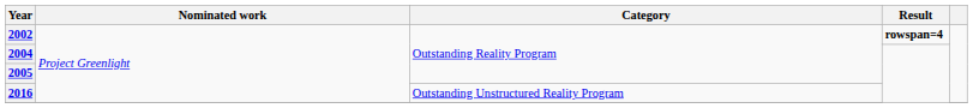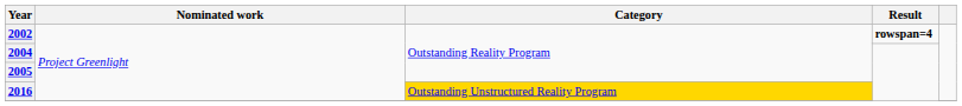 <table class=wikitable>
 <tr>
 <th scope="col" style="width:1em;">Year</th>
 <th scope="col" style="width:30em;">Nominated work</th>
 <th scope="col" style="width:38em;">Category</th>
 <th scope="col" style="width:5em;">Result</th>
 <th scope="col" style="width:1em;"></th>
 </tr>
 <tr>
 <th scope="row"><a href='#'>2002</a></th>
 <td rowspan=4><em><a href='#'>Project Greenlight</a></em></td>
 <td rowspan=3><a href='#'>Outstanding Reality Program</a></td>
 <td><strong>rowspan=4 </strong></td>
 <td rowspan=4 style="text-align:center;"></td>
 </tr>
 <tr>
 <th scope="row"><a href='#'>2004</a></th>
 </tr>
 <tr>
 <th scope="row"><a href='#'>2005</a></th>
 </tr>
 <tr>
 <th scope="row"><a href='#'>2016</a></th>
-<td><a href='#'>Outstanding Unstructured Reality Program</a></td>
+<td style="background: gold;"><a href='#'>Outstanding Unstructured Reality Program</a></td>
 </tr>
 <tr>
 </tr>
 </table>
